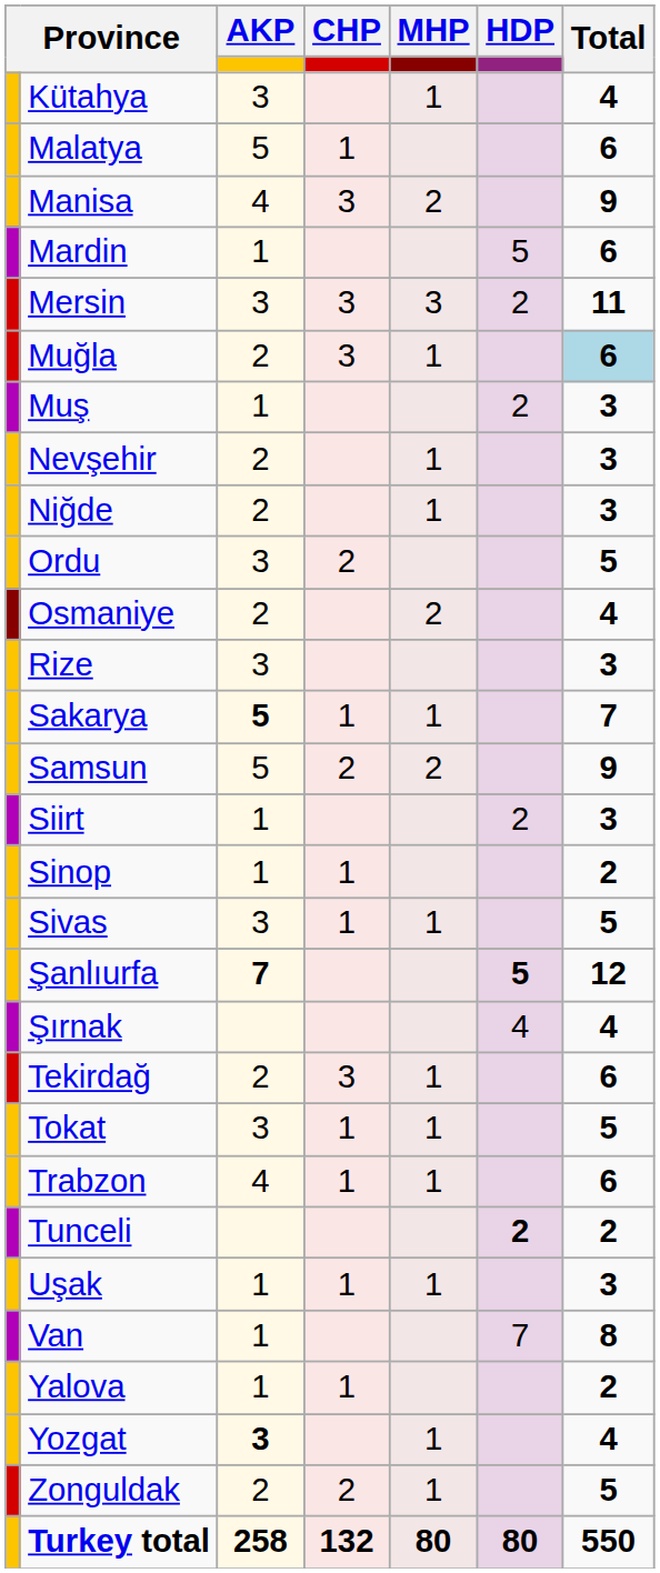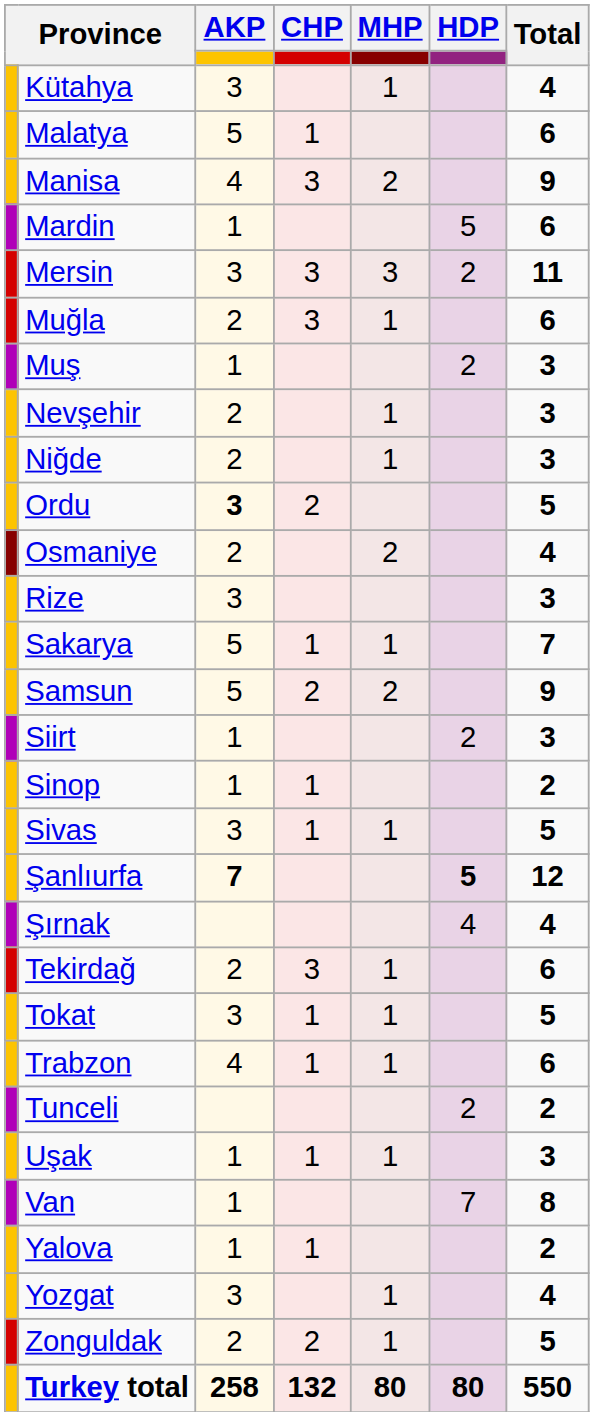 <table class="wikitable" style="text-align:center">
 <tr>
 <th rowspan="2" colspan="2" style="width: 70px;">Province</th>
 <th style="width: 35px;"><a href='#'>AKP</a></th>
 <th style="width: 35px;"><a href='#'>CHP</a></th>
 <th style="width: 35px;"><a href='#'>MHP</a></th>
 <th style="width: 35px;"><a href='#'>HDP</a></th>
 <th rowspan="2">Total</th>
 </tr>
 <tr>
 <th style="background: #fdc400"></th>
 <th style="background: #d40000"></th>
 <th style="background: #870000"></th>
 <th style="background: #922280"></th>
 </tr>
 <tr>
 <td style="background: #fdc400"></td>
 <td style="text-align:left"><a href='#'>Kütahya</a></td>
 <td style="background:#FFF9E6">3</td>
 <td style="background:#FBE6E6"></td>
 <td style="background:#F3E6E6">1</td>
 <td style="background:#E9D3E6"></td>
 <td><strong>4</strong></td>
 </tr>
 <tr>
 <td style="background: #fdc400"></td>
 <td style="text-align:left"><a href='#'>Malatya</a></td>
 <td style="background:#FFF9E6">5</td>
 <td style="background:#FBE6E6">1</td>
 <td style="background:#F3E6E6"></td>
 <td style="background:#E9D3E6"></td>
 <td><strong>6</strong></td>
 </tr>
 <tr>
 <td style="background: #fdc400"></td>
 <td style="text-align:left"><a href='#'>Manisa</a></td>
 <td style="background:#FFF9E6">4</td>
 <td style="background:#FBE6E6">3</td>
 <td style="background:#F3E6E6">2</td>
 <td style="background:#E9D3E6"></td>
 <td><strong>9</strong></td>
 </tr>
 <tr>
 <td style="background: #b000b8"></td>
 <td style="text-align:left"><a href='#'>Mardin</a></td>
 <td style="background:#FFF9E6">1</td>
 <td style="background:#FBE6E6"></td>
 <td style="background:#F3E6E6"></td>
 <td style="background:#E9D3E6">5</td>
 <td><strong>6</strong></td>
 </tr>
 <tr>
 <td style="background: #d40000"></td>
 <td style="text-align:left"><a href='#'>Mersin</a></td>
 <td style="background:#FFF9E6">3</td>
 <td style="background:#FBE6E6">3</td>
 <td style="background:#F3E6E6">3</td>
 <td style="background:#E9D3E6">2</td>
 <td><strong>11</strong></td>
 </tr>
 <tr>
 <td style="background: #d40000"></td>
 <td style="text-align:left"><a href='#'>Muğla</a></td>
 <td style="background:#FFF9E6">2</td>
 <td style="background:#FBE6E6">3</td>
 <td style="background:#F3E6E6">1</td>
 <td style="background:#E9D3E6"></td>
-<td style="background: lightblue;"><strong>6</strong></td>
+<td><strong>6</strong></td>
 </tr>
 <tr>
 <td style="background: #b000b8"></td>
 <td style="text-align:left"><a href='#'>Muş</a></td>
 <td style="background:#FFF9E6">1</td>
 <td style="background:#FBE6E6"></td>
 <td style="background:#F3E6E6"></td>
 <td style="background:#E9D3E6">2</td>
 <td><strong>3</strong></td>
 </tr>
 <tr>
 <td style="background: #fdc400"></td>
 <td style="text-align:left"><a href='#'>Nevşehir</a></td>
 <td style="background:#FFF9E6">2</td>
 <td style="background:#FBE6E6"></td>
 <td style="background:#F3E6E6">1</td>
 <td style="background:#E9D3E6"></td>
 <td><strong>3</strong></td>
 </tr>
 <tr>
 <td style="background: #fdc400"></td>
 <td style="text-align:left"><a href='#'>Niğde</a></td>
 <td style="background:#FFF9E6">2</td>
 <td style="background:#FBE6E6"></td>
 <td style="background:#F3E6E6">1</td>
 <td style="background:#E9D3E6"></td>
 <td><strong>3</strong></td>
 </tr>
 <tr>
 <td style="background: #fdc400"></td>
 <td style="text-align:left"><a href='#'>Ordu</a></td>
-<td style="background:#FFF9E6">3</td>
+<td style="background:#FFF9E6"><strong>3</strong></td>
 <td style="background:#FBE6E6">2</td>
 <td style="background:#F3E6E6"></td>
 <td style="background:#E9D3E6"></td>
 <td><strong>5</strong></td>
 </tr>
 <tr>
 <td style="background: #870000"></td>
 <td style="text-align:left"><a href='#'>Osmaniye</a></td>
 <td style="background:#FFF9E6">2</td>
 <td style="background:#FBE6E6"></td>
 <td style="background:#F3E6E6">2</td>
 <td style="background:#E9D3E6"></td>
 <td><strong>4</strong></td>
 </tr>
 <tr>
 <td style="background: #fdc400"></td>
 <td style="text-align:left"><a href='#'>Rize</a></td>
 <td style="background:#FFF9E6">3</td>
 <td style="background:#FBE6E6"></td>
 <td style="background:#F3E6E6"></td>
 <td style="background:#E9D3E6"></td>
 <td><strong>3</strong></td>
 </tr>
 <tr>
 <td style="background: #fdc400"></td>
 <td style="text-align:left"><a href='#'>Sakarya</a></td>
-<td style="background:#FFF9E6"><strong>5</strong></td>
+<td style="background:#FFF9E6">5</td>
 <td style="background:#FBE6E6">1</td>
 <td style="background:#F3E6E6">1</td>
 <td style="background:#E9D3E6"></td>
 <td><strong>7</strong></td>
 </tr>
 <tr>
 <td style="background: #fdc400"></td>
 <td style="text-align:left"><a href='#'>Samsun</a></td>
 <td style="background:#FFF9E6">5</td>
 <td style="background:#FBE6E6">2</td>
 <td style="background:#F3E6E6">2</td>
 <td style="background:#E9D3E6"></td>
 <td><strong>9</strong></td>
 </tr>
 <tr>
 <td style="background: #b000b8"></td>
 <td style="text-align:left"><a href='#'>Siirt</a></td>
 <td style="background:#FFF9E6">1</td>
 <td style="background:#FBE6E6"></td>
 <td style="background:#F3E6E6"></td>
 <td style="background:#E9D3E6">2</td>
 <td><strong>3</strong></td>
 </tr>
 <tr>
 <td style="background: #fdc400"></td>
 <td style="text-align:left"><a href='#'>Sinop</a></td>
 <td style="background:#FFF9E6">1</td>
 <td style="background:#FBE6E6">1</td>
 <td style="background:#F3E6E6"></td>
 <td style="background:#E9D3E6"></td>
 <td><strong>2</strong></td>
 </tr>
 <tr>
 <td style="background: #fdc400"></td>
 <td style="text-align:left"><a href='#'>Sivas</a></td>
 <td style="background:#FFF9E6">3</td>
 <td style="background:#FBE6E6">1</td>
 <td style="background:#F3E6E6">1</td>
 <td style="background:#E9D3E6"></td>
 <td><strong>5</strong></td>
 </tr>
 <tr>
 <td style="background: #fdc400"></td>
 <td style="text-align:left"><a href='#'>Şanlıurfa</a></td>
 <td style="background:#FFF9E6"><strong>7</strong></td>
 <td style="background:#FBE6E6"></td>
 <td style="background:#F3E6E6"></td>
 <td style="background:#E9D3E6"><strong>5</strong></td>
 <td><strong>12</strong></td>
 </tr>
 <tr>
 <td style="background: #b000b8"></td>
 <td style="text-align:left"><a href='#'>Şırnak</a></td>
 <td style="background:#FFF9E6"></td>
 <td style="background:#FBE6E6"></td>
 <td style="background:#F3E6E6"></td>
 <td style="background:#E9D3E6">4</td>
 <td><strong>4</strong></td>
 </tr>
 <tr>
 <td style="background: #d40000"></td>
 <td style="text-align:left"><a href='#'>Tekirdağ</a></td>
 <td style="background:#FFF9E6">2</td>
 <td style="background:#FBE6E6">3</td>
 <td style="background:#F3E6E6">1</td>
 <td style="background:#E9D3E6"></td>
 <td><strong>6</strong></td>
 </tr>
 <tr>
 <td style="background: #fdc400"></td>
 <td style="text-align:left"><a href='#'>Tokat</a></td>
 <td style="background:#FFF9E6">3</td>
 <td style="background:#FBE6E6">1</td>
 <td style="background:#F3E6E6">1</td>
 <td style="background:#E9D3E6"></td>
 <td><strong>5</strong></td>
 </tr>
 <tr>
 <td style="background: #fdc400"></td>
 <td style="text-align:left"><a href='#'>Trabzon</a></td>
 <td style="background:#FFF9E6">4</td>
 <td style="background:#FBE6E6">1</td>
 <td style="background:#F3E6E6">1</td>
 <td style="background:#E9D3E6"></td>
 <td><strong>6</strong></td>
 </tr>
 <tr>
 <td style="background: #b000b8"></td>
 <td style="text-align:left"><a href='#'>Tunceli</a></td>
 <td style="background:#FFF9E6"></td>
 <td style="background:#FBE6E6"></td>
 <td style="background:#F3E6E6"></td>
-<td style="background:#E9D3E6"><strong>2</strong></td>
+<td style="background:#E9D3E6">2</td>
 <td><strong>2</strong></td>
 </tr>
 <tr>
 <td style="background: #fdc400"></td>
 <td style="text-align:left"><a href='#'>Uşak</a></td>
 <td style="background:#FFF9E6">1</td>
 <td style="background:#FBE6E6">1</td>
 <td style="background:#F3E6E6">1</td>
 <td style="background:#E9D3E6"></td>
 <td><strong>3</strong></td>
 </tr>
 <tr>
 <td style="background: #b000b8"></td>
 <td style="text-align:left"><a href='#'>Van</a></td>
 <td style="background:#FFF9E6">1</td>
 <td style="background:#FBE6E6"></td>
 <td style="background:#F3E6E6"></td>
 <td style="background:#E9D3E6">7</td>
 <td><strong>8</strong></td>
 </tr>
 <tr>
 <td style="background: #fdc400"></td>
 <td style="text-align:left"><a href='#'>Yalova</a></td>
 <td style="background:#FFF9E6">1</td>
 <td style="background:#FBE6E6">1</td>
 <td style="background:#F3E6E6"></td>
 <td style="background:#E9D3E6"></td>
 <td><strong>2</strong></td>
 </tr>
 <tr>
 <td style="background: #fdc400"></td>
 <td style="text-align:left"><a href='#'>Yozgat</a></td>
-<td style="background:#FFF9E6"><strong>3</strong></td>
+<td style="background:#FFF9E6">3</td>
 <td style="background:#FBE6E6"></td>
 <td style="background:#F3E6E6">1</td>
 <td style="background:#E9D3E6"></td>
 <td><strong>4</strong></td>
 </tr>
 <tr>
 <td style="background: #d40000"></td>
 <td style="text-align:left"><a href='#'>Zonguldak</a></td>
 <td style="background:#FFF9E6">2</td>
 <td style="background:#FBE6E6">2</td>
 <td style="background:#F3E6E6">1</td>
 <td style="background:#E9D3E6"></td>
 <td><strong>5</strong></td>
 </tr>
 <tr style="font-weight:bold">
 <td style="background: #fdc400"></td>
 <td style="text-align:left"><a href='#'>Turkey</a> total</td>
 <td style="background:#FFF9E6">258</td>
 <td style="background:#FBE6E6">132</td>
 <td style="background:#F3E6E6">80</td>
 <td style="background:#E9D3E6">80</td>
 <td>550</td>
 </tr>
 </table>
